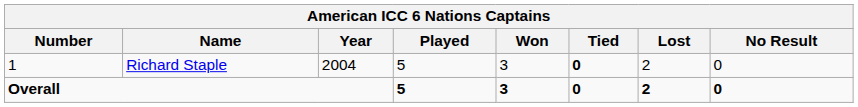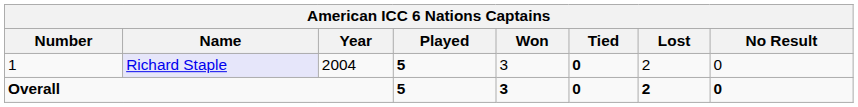 <table class="wikitable" width="70%">
 <tr>
 <th bgcolor="#efefef" colspan=9>American ICC 6 Nations Captains</th>
 </tr>
 <tr bgcolor="#efefef">
 <th>Number</th>
 <th>Name</th>
 <th>Year</th>
 <th>Played</th>
 <th>Won</th>
 <th>Tied</th>
 <th>Lost</th>
 <th>No Result</th>
 </tr>
 <tr>
 <td>1</td>
-<td><a href='#'>Richard Staple</a></td>
+<td style="background: lavender;"><a href='#'>Richard Staple</a></td>
 <td>2004</td>
-<td>5</td>
+<td><strong>5</strong></td>
 <td>3</td>
 <td><strong>0</strong></td>
 <td>2</td>
 <td>0</td>
 </tr>
 <tr>
 <td colspan=3><strong>Overall</strong></td>
 <td><strong>5</strong></td>
 <td><strong>3</strong></td>
 <td><strong>0</strong></td>
 <td><strong>2</strong></td>
 <td><strong>0</strong></td>
 </tr>
 </table>
